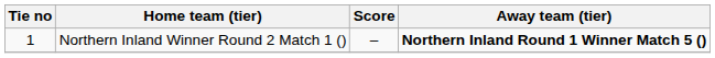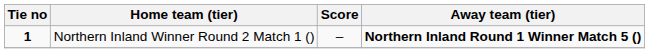 <table class="wikitable" style="text-align:center">
 <tr>
 <th>Tie no</th>
 <th>Home team (tier)</th>
 <th>Score</th>
 <th>Away team (tier)</th>
 </tr>
 <tr>
-<td>1</td>
+<td><strong>1</strong></td>
 <td>Northern Inland Winner Round 2 Match 1 ()</td>
 <td>–</td>
 <td><strong>Northern Inland Round 1 Winner Match 5 ()</strong></td>
 </tr>
 <tr>
 </tr>
 </table>
